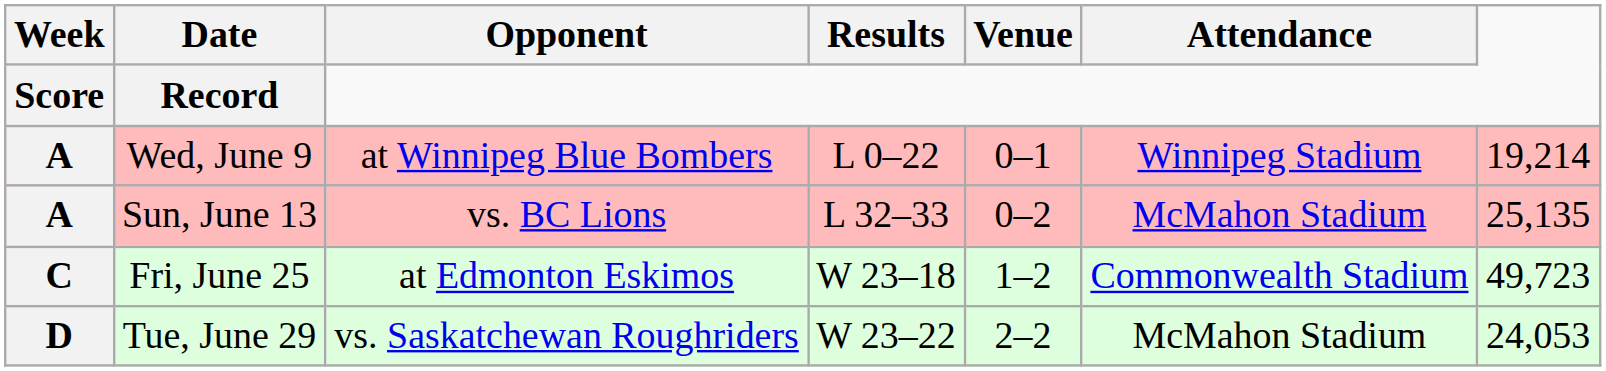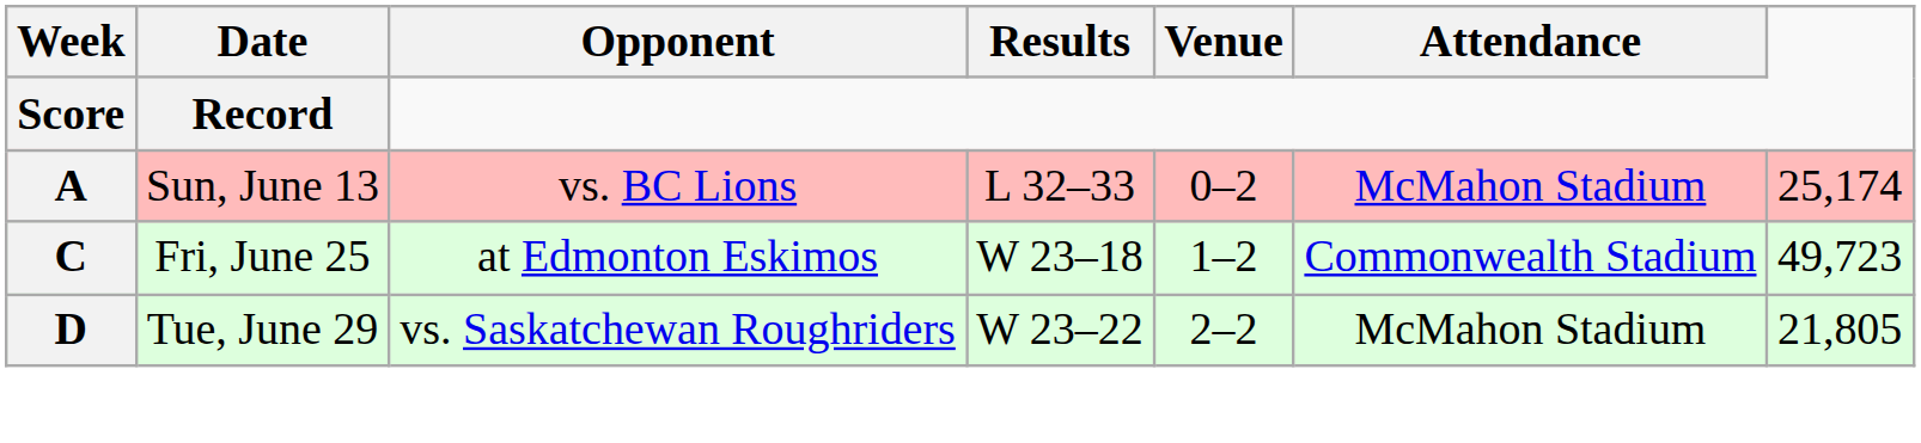 <table class="wikitable" style="text-align:center">
 <tr>
 <th>Week</th>
 <th>Date</th>
 <th>Opponent</th>
 <th>Results</th>
 <th>Venue</th>
 <th>Attendance</th>
 </tr>
 <tr>
 <th>Score</th>
 <th>Record</th>
 </tr>
 <tr style="background:#ffbbbb">
 <th>A</th>
-<td>Wed, June 9</td>
-<td>at <a href='#'>Winnipeg Blue Bombers</a></td>
-<td>L 0–22</td>
-<td>0–1</td>
-<td><a href='#'>Winnipeg Stadium</a></td>
-<td>19,214</td>
-</tr>
-<tr style="background:#ffbbbb">
-<th>A</th>
 <td>Sun, June 13</td>
 <td>vs. <a href='#'>BC Lions</a></td>
 <td>L 32–33</td>
 <td>0–2</td>
 <td><a href='#'>McMahon Stadium</a></td>
-<td>25,135</td>
+<td>25,174</td>
 </tr>
 <tr style="background:#ddffdd">
 <th>C</th>
 <td>Fri, June 25</td>
 <td>at <a href='#'>Edmonton Eskimos</a></td>
 <td>W 23–18</td>
 <td>1–2</td>
 <td><a href='#'>Commonwealth Stadium</a></td>
 <td>49,723</td>
 </tr>
 <tr style="background:#ddffdd">
 <th>D</th>
 <td>Tue, June 29</td>
 <td>vs. <a href='#'>Saskatchewan Roughriders</a></td>
 <td>W 23–22</td>
 <td>2–2</td>
 <td>McMahon Stadium</td>
-<td>24,053</td>
+<td>21,805</td>
 </tr>
 </table>
